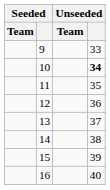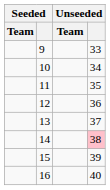 <table class="wikitable">
 <tr>
 <th colspan=2>Seeded</th>
 <th colspan=2>Unseeded</th>
 </tr>
 <tr>
 <th>Team</th>
 <th></th>
 <th>Team</th>
 <th></th>
 </tr>
 <tr>
 <td></td>
 <td>9</td>
 <td></td>
 <td>33</td>
 </tr>
 <tr>
 <td></td>
 <td>10</td>
 <td></td>
-<td><strong>34</strong></td>
+<td>34</td>
 </tr>
 <tr>
 <td></td>
 <td>11</td>
 <td></td>
 <td>35</td>
 </tr>
 <tr>
 <td></td>
 <td>12</td>
 <td></td>
 <td>36</td>
 </tr>
 <tr>
 <td></td>
 <td>13</td>
 <td></td>
 <td>37</td>
 </tr>
 <tr>
 <td></td>
 <td>14</td>
 <td></td>
-<td>38</td>
+<td style="background: pink;">38</td>
 </tr>
 <tr>
 <td></td>
 <td>15</td>
 <td></td>
 <td>39</td>
 </tr>
 <tr>
 <td></td>
 <td>16</td>
 <td></td>
 <td>40</td>
 </tr>
 </table>
